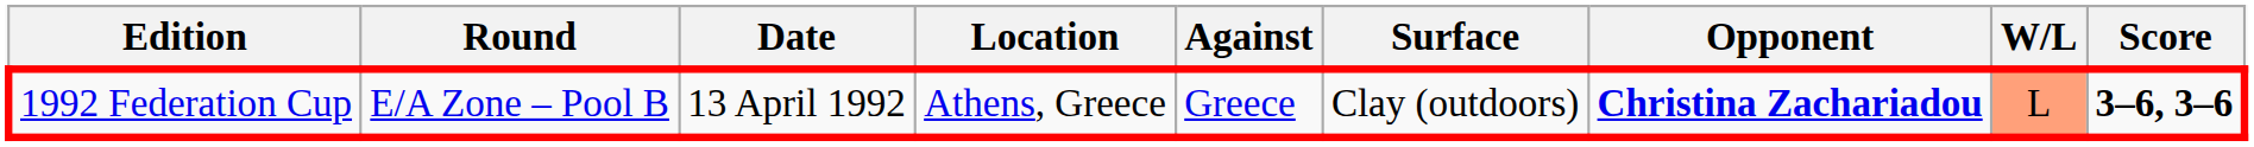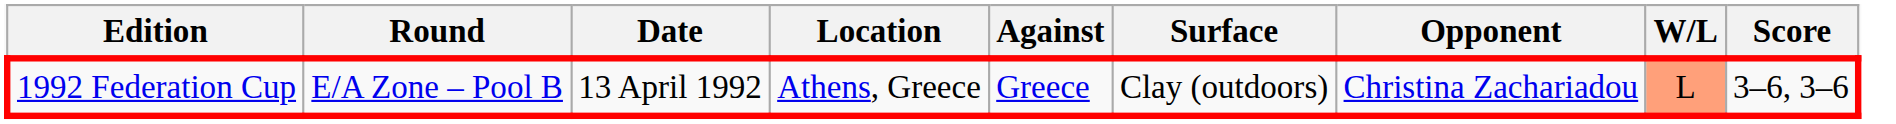 <table class=wikitable style=font-size:97%>
 <tr>
 <th>Edition</th>
 <th>Round</th>
 <th>Date</th>
 <th>Location</th>
 <th>Against</th>
 <th>Surface</th>
 <th>Opponent</th>
 <th>W/L</th>
 <th>Score</th>
 </tr>
 <tr style="background:#ccf;">
 </tr>
 <tr style="border: 3px solid red">
 <td rowspan="1"><a href='#'>1992 Federation Cup</a></td>
 <td><a href='#'>E/A Zone – Pool B</a></td>
 <td>13 April 1992</td>
 <td rowspan="1"> <a href='#'>Athens</a>, Greece</td>
 <td> <a href='#'>Greece</a></td>
 <td rowspan="1">Clay (outdoors)</td>
-<td><strong> <a href='#'>Christina Zachariadou</a></strong></td>
+<td> <a href='#'>Christina Zachariadou</a></td>
 <td style="text-align:center; background:#ffa07a;">L</td>
-<td><strong>3–6, 3–6</strong></td>
+<td>3–6, 3–6</td>
 </tr>
 </table>
